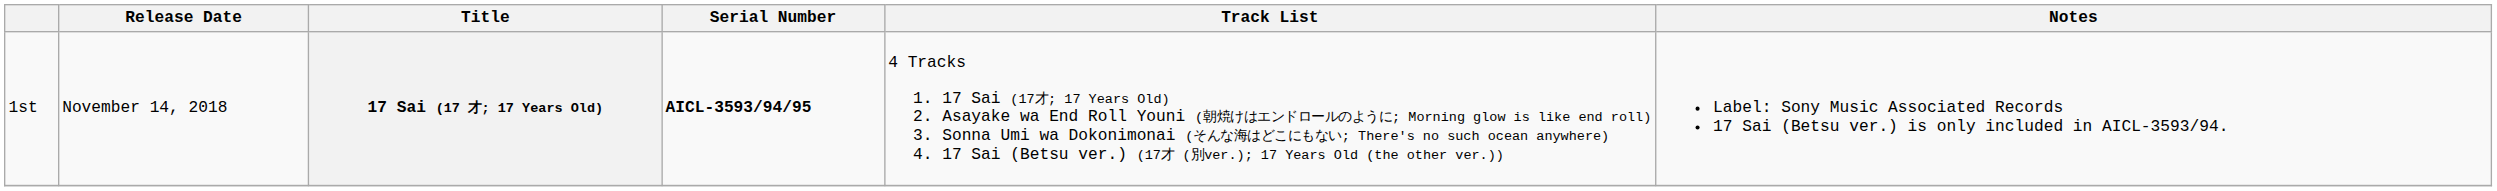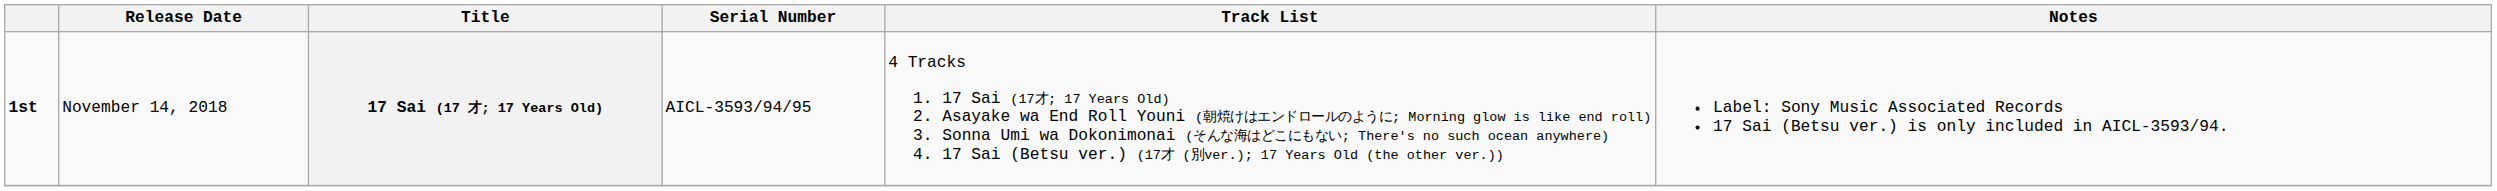 <table class="wikitable" style=font-size:small>
 <tr>
 <th> </th>
 <th>Release Date</th>
 <th>Title</th>
 <th>Serial Number</th>
 <th style="width:31%">Track List</th>
 <th>Notes</th>
 </tr>
 <tr>
-<td>1st</td>
+<td><strong>1st</strong></td>
 <td>November 14, 2018</td>
 <th>17 Sai <small>(17 才; 17 Years Old)</small></th>
-<td><strong>AICL-3593/94/95</strong></td>
+<td>AICL-3593/94/95</td>
 <td><br>4 Tracks<ol><li>17 Sai <small>(17才; 17 Years Old)</small></li><li>Asayake wa End Roll Youni <small>(朝焼けはエンドロールのように; Morning glow is like end roll)</small></li><li>Sonna Umi wa Dokonimonai <small>(そんな海はどこにもない; There's no such ocean anywhere)</small></li><li>17 Sai (Betsu ver.) <small>(17才 (別ver.); 17 Years Old (the other ver.))</small></li></ol></td>
 <td><br><ul><li>Label: Sony Music Associated Records</li><li>17 Sai (Betsu ver.) is only included in AICL-3593/94.</li></ul></td>
 </tr>
 <tr>
 </tr>
 </table>
